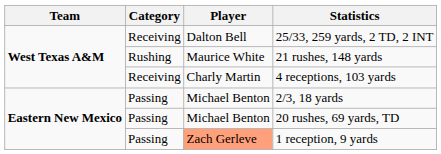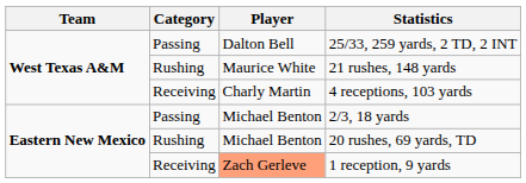 <table class="wikitable" style="float: right;">
 <tr>
 <th>Team</th>
 <th>Category</th>
 <th>Player</th>
 <th>Statistics</th>
 </tr>
 <tr>
 <td rowspan=3><strong>West Texas A&M</strong></td>
-<td>Receiving</td>
+<td>Passing</td>
 <td>Dalton Bell</td>
 <td>25/33, 259 yards, 2 TD, 2 INT</td>
 </tr>
 <tr>
 <td>Rushing</td>
 <td>Maurice White</td>
 <td>21 rushes, 148 yards</td>
 </tr>
 <tr>
 <td>Receiving</td>
 <td>Charly Martin</td>
 <td>4 receptions, 103 yards</td>
 </tr>
 <tr>
 <td rowspan=3><strong>Eastern New Mexico</strong></td>
 <td>Passing</td>
 <td>Michael Benton</td>
 <td>2/3, 18 yards</td>
 </tr>
 <tr>
-<td>Passing</td>
+<td>Rushing</td>
 <td>Michael Benton</td>
 <td>20 rushes, 69 yards, TD</td>
 </tr>
 <tr>
-<td>Passing</td>
+<td>Receiving</td>
 <td style="background: lightsalmon;">Zach Gerleve</td>
 <td>1 reception, 9 yards</td>
 </tr>
 </table>
